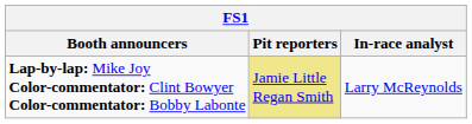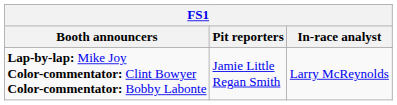 <table class="wikitable" style="font-size: 95%">
 <tr>
 <th colspan="3"><a href='#'>FS1</a></th>
 </tr>
 <tr>
 <th>Booth announcers</th>
 <th>Pit reporters</th>
 <th>In-race analyst</th>
 </tr>
 <tr>
 <td><strong>Lap-by-lap:</strong> <a href='#'>Mike Joy</a><br><strong>Color-commentator:</strong> <a href='#'>Clint Bowyer</a><br><strong>Color-commentator:</strong> <a href='#'>Bobby Labonte</a></td>
-<td style="background: khaki;"><a href='#'>Jamie Little</a><br><a href='#'>Regan Smith</a></td>
+<td><a href='#'>Jamie Little</a><br><a href='#'>Regan Smith</a></td>
 <td><a href='#'>Larry McReynolds</a></td>
 </tr>
 </table>
